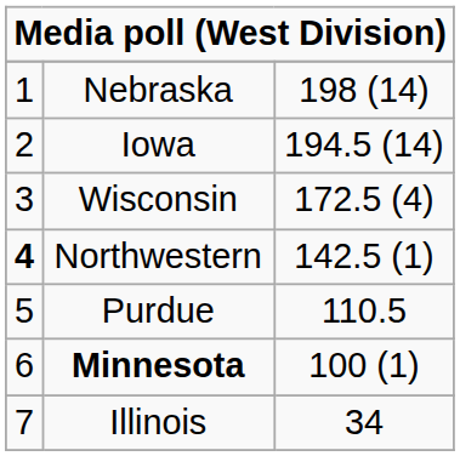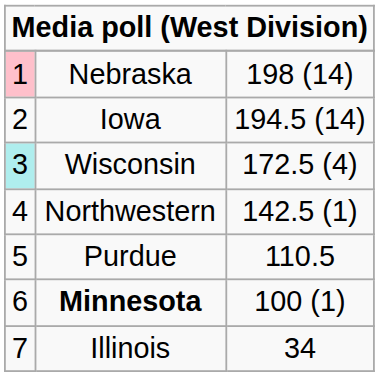 <table class="wikitable" style="display: inline-table;">
 <tr>
 <td align="center" Colspan="3"><strong>Media poll (West Division)</strong></td>
 </tr>
 <tr align="center">
 </tr>
 <tr align="center">
-<td>1</td>
+<td style="background: pink;">1</td>
 <td>Nebraska</td>
 <td>198 (14)</td>
 </tr>
 <tr align="center">
 <td>2</td>
 <td>Iowa</td>
 <td>194.5 (14)</td>
 </tr>
 <tr align="center">
-<td>3</td>
+<td style="background: paleturquoise;">3</td>
 <td>Wisconsin</td>
 <td>172.5 (4)</td>
 </tr>
 <tr align="center">
-<td><strong>4</strong></td>
+<td>4</td>
 <td>Northwestern</td>
 <td>142.5 (1)</td>
 </tr>
 <tr align="center">
 <td>5</td>
 <td>Purdue</td>
 <td>110.5</td>
 </tr>
 <tr align="center">
 <td>6</td>
 <td><strong>Minnesota</strong></td>
 <td>100 (1)</td>
 </tr>
 <tr align="center">
 <td>7</td>
 <td>Illinois</td>
 <td>34</td>
 </tr>
 </table>
